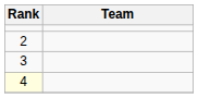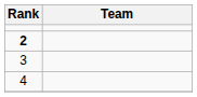 <table class=wikitable style="text-align:center;">
 <tr>
 <th>Rank</th>
 <th width=180>Team</th>
 </tr>
 <tr>
 <td></td>
 <td align=left></td>
 </tr>
 <tr>
-<td>2</td>
+<td><strong>2</strong></td>
 <td align=left></td>
 </tr>
 <tr>
 <td>3</td>
 <td align=left></td>
 </tr>
 <tr>
-<td style="background: lightyellow;">4</td>
+<td>4</td>
 <td align=left></td>
 </tr>
 <tr>
 </tr>
 </table>
